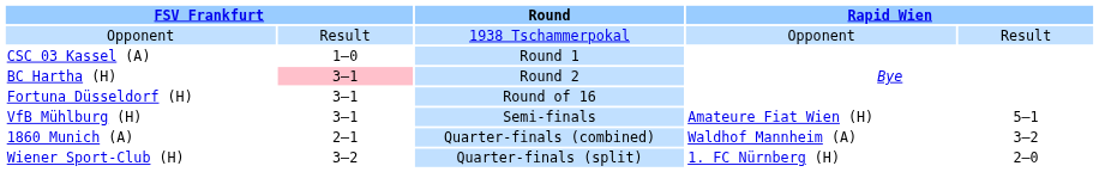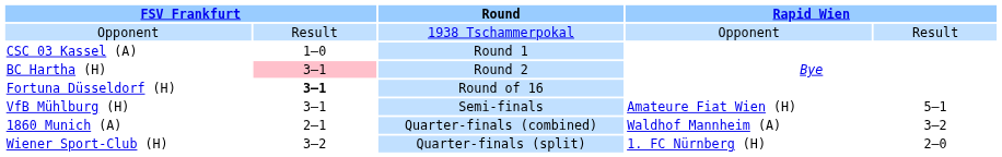 <table style="width:80%; text-align:center;">
 <tr style="vertical-align:top; background:#99CCFF;">
 <th colspan="2"><a href='#'>FSV Frankfurt</a></th>
 <th style="width:20%">Round</th>
 <th colspan="2"><a href='#'>Rapid Wien</a></th>
 </tr>
 <tr style="vertical-align:top; background:#C1E0FF;">
 <td style="width:20%">Opponent</td>
 <td style="width:10%">Result</td>
 <td><a href='#'>1938 Tschammerpokal</a></td>
 <td style="width:20%">Opponent</td>
 <td style="width:10%">Result</td>
 </tr>
 <tr>
 <td align="left"><a href='#'>CSC 03 Kassel</a> (A)</td>
 <td>1–0</td>
 <td style="background:#C1E0FF;">Round 1</td>
 <td colspan="2" rowspan="3"><em><a href='#'>Bye</a></em></td>
 </tr>
 <tr>
 <td align="left"><a href='#'>BC Hartha</a> (H)</td>
 <td style="background: pink;">3–1</td>
 <td style="background:#C1E0FF;">Round 2</td>
 </tr>
 <tr>
 <td align="left"><a href='#'>Fortuna Düsseldorf</a> (H)</td>
-<td>3–1</td>
+<td><strong>3–1</strong></td>
 <td style="background:#C1E0FF;">Round of 16</td>
 </tr>
 <tr>
 <td align="left"><a href='#'>VfB Mühlburg</a> (H)</td>
 <td>3–1</td>
 <td style="background:#C1E0FF;">Semi-finals</td>
 <td align="left"><a href='#'>Amateure Fiat Wien</a> (H)</td>
 <td>5–1</td>
 </tr>
 <tr>
 <td align="left"><a href='#'>1860 Munich</a> (A)</td>
 <td>2–1 </td>
 <td style="background:#C1E0FF;">Quarter-finals (combined)</td>
 <td align="left"><a href='#'>Waldhof Mannheim</a> (A)</td>
 <td>3–2</td>
 </tr>
 <tr>
 <td align="left"><a href='#'>Wiener Sport-Club</a> (H)</td>
 <td>3–2</td>
 <td style="background:#C1E0FF;">Quarter-finals (split)</td>
 <td align="left"><a href='#'>1. FC Nürnberg</a> (H)</td>
 <td>2–0</td>
 </tr>
 </table>
